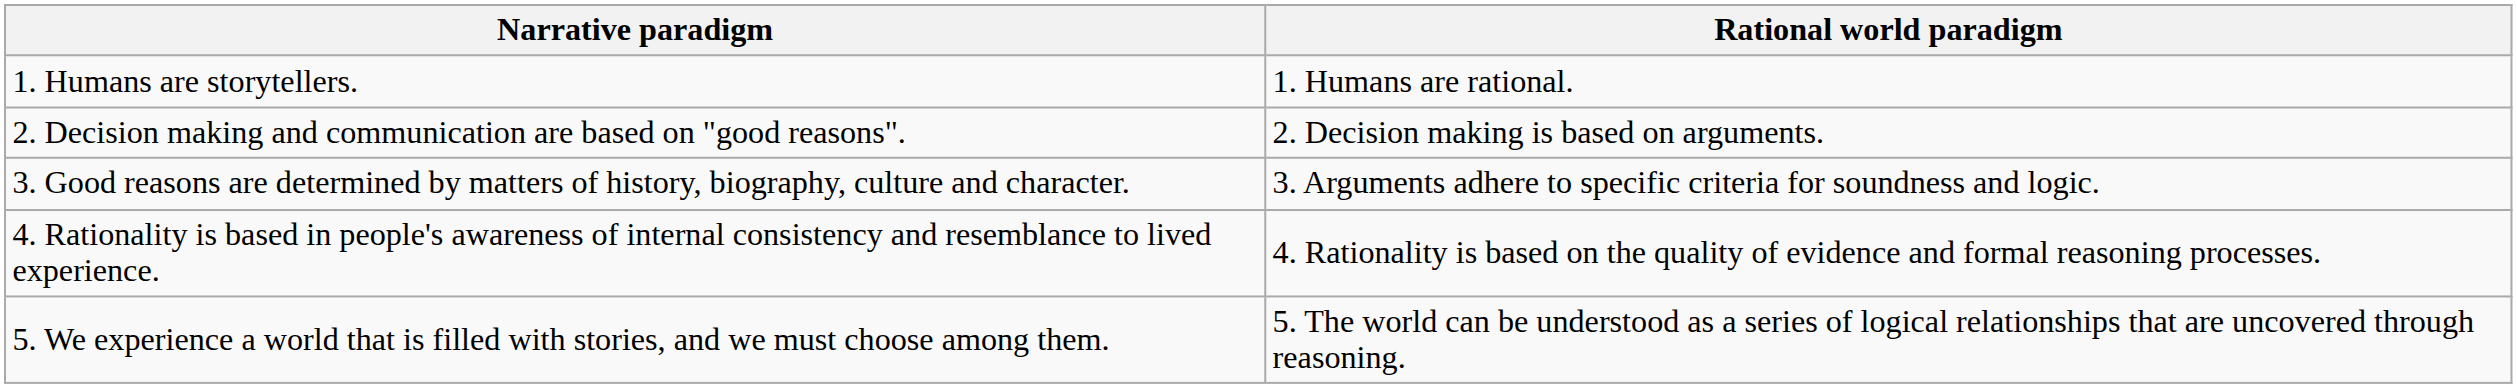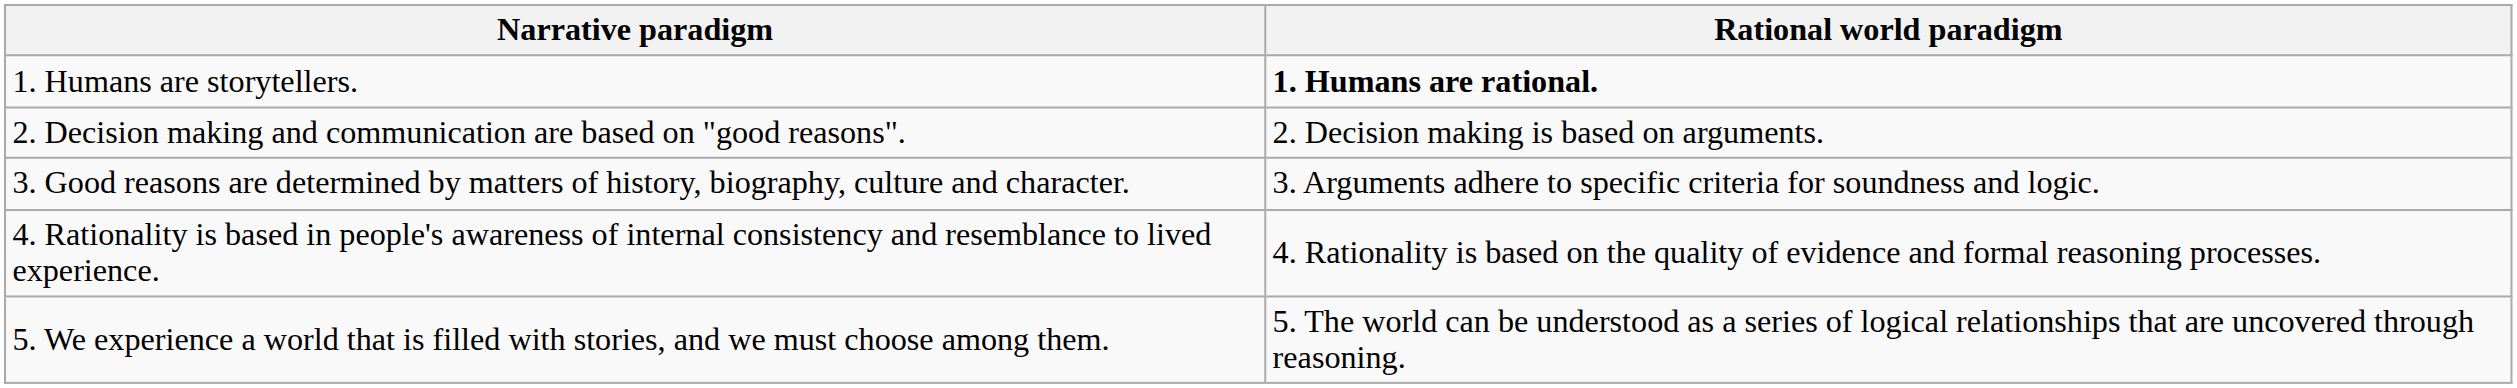 <table class="wikitable">
 <tr>
 <th>Narrative paradigm</th>
 <th>Rational world paradigm</th>
 </tr>
 <tr>
 <td>1. Humans are storytellers.</td>
-<td>1. Humans are rational.</td>
+<td><strong>1. Humans are rational.</strong></td>
 </tr>
 <tr>
 <td>2. Decision making and communication are based on "good reasons".</td>
 <td>2. Decision making is based on arguments.</td>
 </tr>
 <tr>
 <td>3. Good reasons are determined by matters of history, biography, culture and character.</td>
 <td>3. Arguments adhere to specific criteria for soundness and logic.</td>
 </tr>
 <tr>
 <td>4. Rationality is based in people's awareness of internal consistency and resemblance to lived experience.</td>
 <td>4. Rationality is based on the quality of evidence and formal reasoning processes.</td>
 </tr>
 <tr>
 <td>5. We experience a world that is filled with stories, and we must choose among them.</td>
 <td>5. The world can be understood as a series of logical relationships that are uncovered through reasoning.</td>
 </tr>
 </table>
